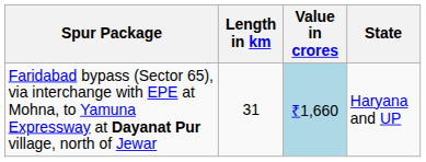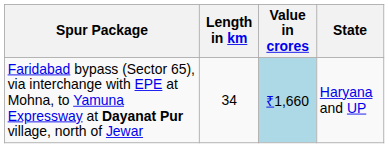 <table class=wikitable width=70%>
 <tr>
 <th>Spur Package</th>
 <th>Length in <a href='#'>km</a></th>
 <th>Value in <a href='#'>crores</a></th>
 <th>State</th>
 </tr>
 <tr>
 <td><a href='#'>Faridabad</a> bypass (Sector 65), via interchange with <a href='#'>EPE</a> at Mohna, to <a href='#'>Yamuna Expressway</a> at <strong>Dayanat Pur</strong> village, north of <a href='#'>Jewar</a></td>
-<td style="text-align:center;">31</td>
+<td style="text-align:center;">34</td>
 <td style="background: lightblue; text-align:center;"><a href='#'>₹</a>1,660</td>
 <td><a href='#'>Haryana</a> and <a href='#'>UP</a></td>
 </tr>
 </table>
